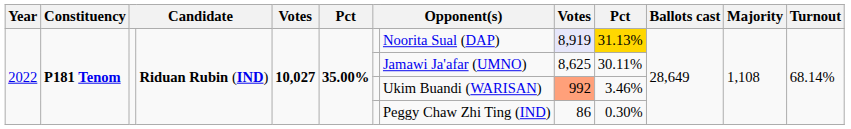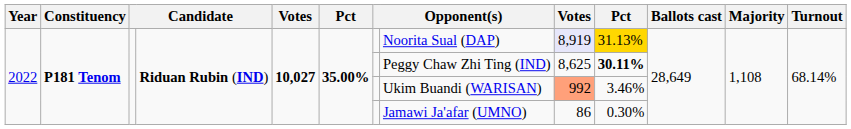 <table class="wikitable" style="margin:0.5em ; font-size:95%">
 <tr>
 <th>Year</th>
 <th>Constituency</th>
 <th colspan=2>Candidate</th>
 <th>Votes</th>
 <th>Pct</th>
 <th colspan=2>Opponent(s)</th>
 <th>Votes</th>
 <th>Pct</th>
 <th>Ballots cast</th>
 <th>Majority</th>
 <th>Turnout</th>
 </tr>
 <tr>
 <td rowspan="4"><a href='#'>2022</a></td>
 <td rowspan="4"><strong>P181 <a href='#'>Tenom</a></strong></td>
 <td rowspan="4" ></td>
 <td rowspan="4"><strong>Riduan Rubin</strong> (<a href='#'><strong>IND</strong></a>)</td>
 <td rowspan="4" align=right><strong>10,027</strong></td>
 <td rowspan="4"><strong>35.00%</strong></td>
 <td></td>
 <td><a href='#'>Noorita Sual</a> (<a href='#'>DAP</a>)</td>
 <td align=right style="background: lavender;">8,919</td>
 <td style="background: gold;">31.13%</td>
 <td rowspan="4">28,649</td>
 <td rowspan="4">1,108</td>
 <td rowspan="4">68.14%</td>
 </tr>
 <tr>
 <td></td>
-<td><a href='#'>Jamawi Ja'afar</a> (<a href='#'>UMNO</a>)</td>
+<td>Peggy Chaw Zhi Ting (<a href='#'>IND</a>)</td>
 <td align=right>8,625</td>
-<td>30.11%</td>
+<td><strong>30.11%</strong></td>
 </tr>
 <tr>
 <td></td>
 <td>Ukim Buandi (<a href='#'>WARISAN</a>)</td>
 <td align=right style="background: lightsalmon;">992</td>
 <td align=right>3.46%</td>
 </tr>
 <tr>
 <td></td>
-<td>Peggy Chaw Zhi Ting (<a href='#'>IND</a>)</td>
+<td><a href='#'>Jamawi Ja'afar</a> (<a href='#'>UMNO</a>)</td>
 <td align=right>86</td>
 <td align=right>0.30%</td>
 </tr>
 </table>
